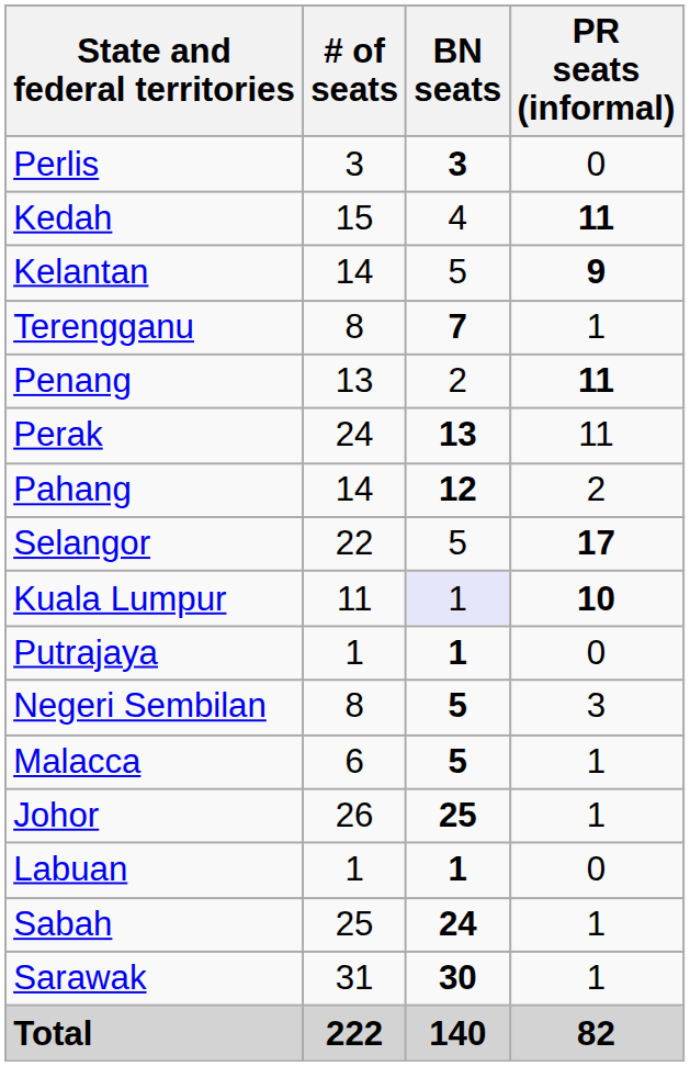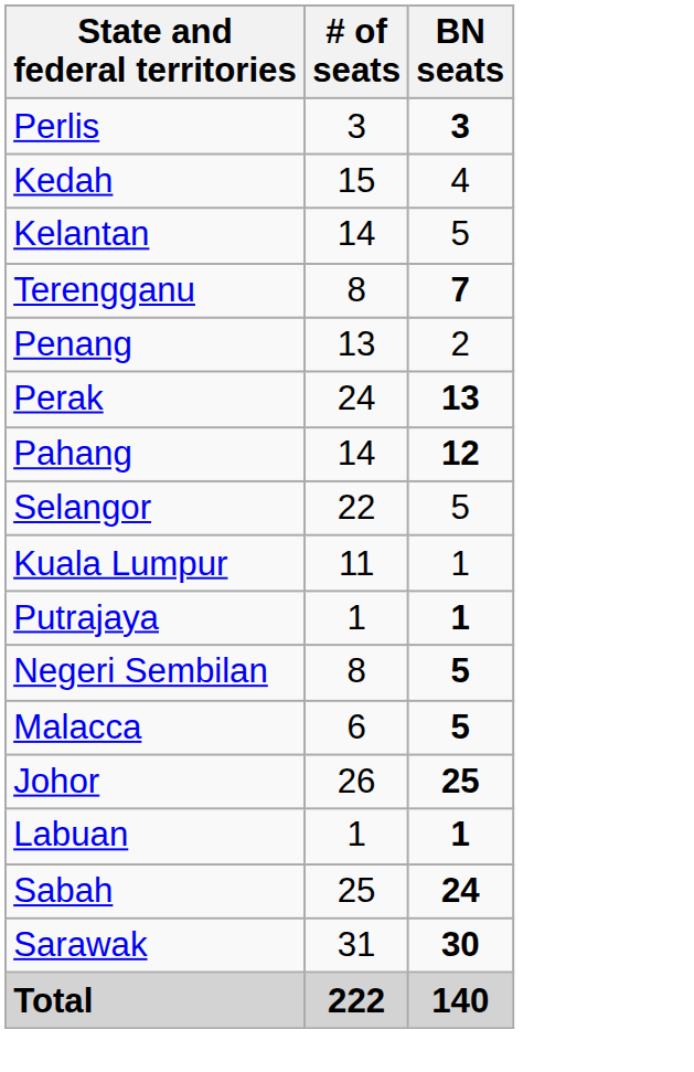 <table class="wikitable sortable" style="text-align:center">
 <tr>
 <th>State and<br>federal territories</th>
 <th># of<br>seats</th>
 <th>BN<br>seats</th>
-<th>PR<br>seats<br>(informal)</th>
 </tr>
 <tr>
 <td style="text-align:left"> <a href='#'>Perlis</a></td>
 <td>3</td>
 <td><strong>3</strong></td>
-<td>0</td>
 </tr>
 <tr>
 <td style="text-align:left"> <a href='#'>Kedah</a></td>
 <td>15</td>
 <td>4</td>
-<td><strong>11</strong></td>
 </tr>
 <tr>
 <td style="text-align:left"> <a href='#'>Kelantan</a></td>
 <td>14</td>
 <td>5</td>
-<td><strong>9</strong></td>
 </tr>
 <tr>
 <td style="text-align:left"> <a href='#'>Terengganu</a></td>
 <td>8</td>
 <td><strong>7</strong></td>
-<td>1</td>
 </tr>
 <tr>
 <td style="text-align:left"> <a href='#'>Penang</a></td>
 <td>13</td>
 <td>2</td>
-<td><strong>11</strong></td>
 </tr>
 <tr>
 <td style="text-align:left"> <a href='#'>Perak</a></td>
 <td>24</td>
 <td><strong>13</strong></td>
-<td>11</td>
 </tr>
 <tr>
 <td style="text-align:left"> <a href='#'>Pahang</a></td>
 <td>14</td>
 <td><strong>12</strong></td>
-<td>2</td>
 </tr>
 <tr>
 <td style="text-align:left"> <a href='#'>Selangor</a></td>
 <td>22</td>
 <td>5</td>
-<td><strong>17</strong></td>
 </tr>
 <tr>
 <td style="text-align:left"> <a href='#'>Kuala Lumpur</a></td>
 <td>11</td>
-<td style="background: lavender;">1</td>
-<td><strong>10</strong></td>
+<td>1</td>
 </tr>
 <tr>
 <td style="text-align:left"> <a href='#'>Putrajaya</a></td>
 <td>1</td>
 <td><strong>1</strong></td>
-<td>0</td>
 </tr>
 <tr>
 <td style="text-align:left"> <a href='#'>Negeri Sembilan</a></td>
 <td>8</td>
 <td><strong>5</strong></td>
-<td>3</td>
 </tr>
 <tr>
 <td style="text-align:left"> <a href='#'>Malacca</a></td>
 <td>6</td>
 <td><strong>5</strong></td>
-<td>1</td>
 </tr>
 <tr>
 <td style="text-align:left"> <a href='#'>Johor</a></td>
 <td>26</td>
 <td><strong>25</strong></td>
-<td>1</td>
 </tr>
 <tr>
 <td style="text-align:left"> <a href='#'>Labuan</a></td>
 <td>1</td>
 <td><strong>1</strong></td>
-<td>0</td>
 </tr>
 <tr>
 <td style="text-align:left"> <a href='#'>Sabah</a></td>
 <td>25</td>
 <td><strong>24</strong></td>
-<td>1</td>
 </tr>
 <tr>
 <td style="text-align:left"> <a href='#'>Sarawak</a></td>
 <td>31</td>
 <td><strong>30</strong></td>
-<td>1</td>
 </tr>
 <tr class="sortbottom" bgcolor="lightgrey">
 <td style="text-align:left"><strong>Total</strong></td>
 <td><strong>222</strong></td>
 <td><span><strong>140</strong></span></td>
-<td><span><strong>82</strong></span></td>
 </tr>
 </table>
